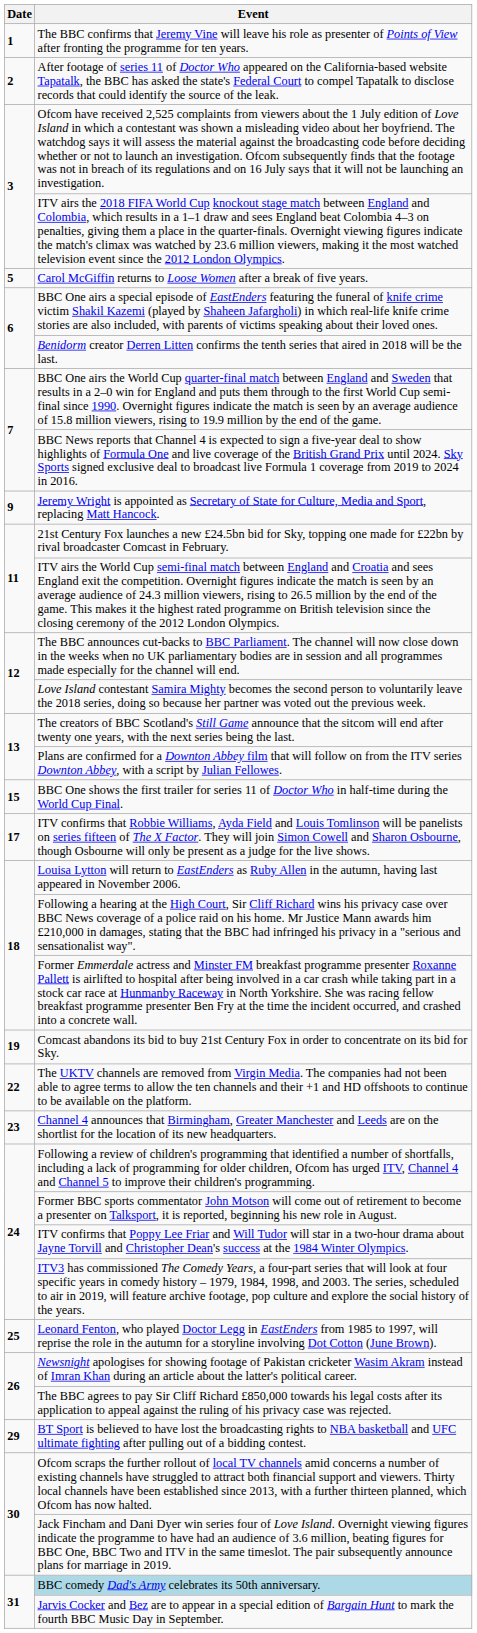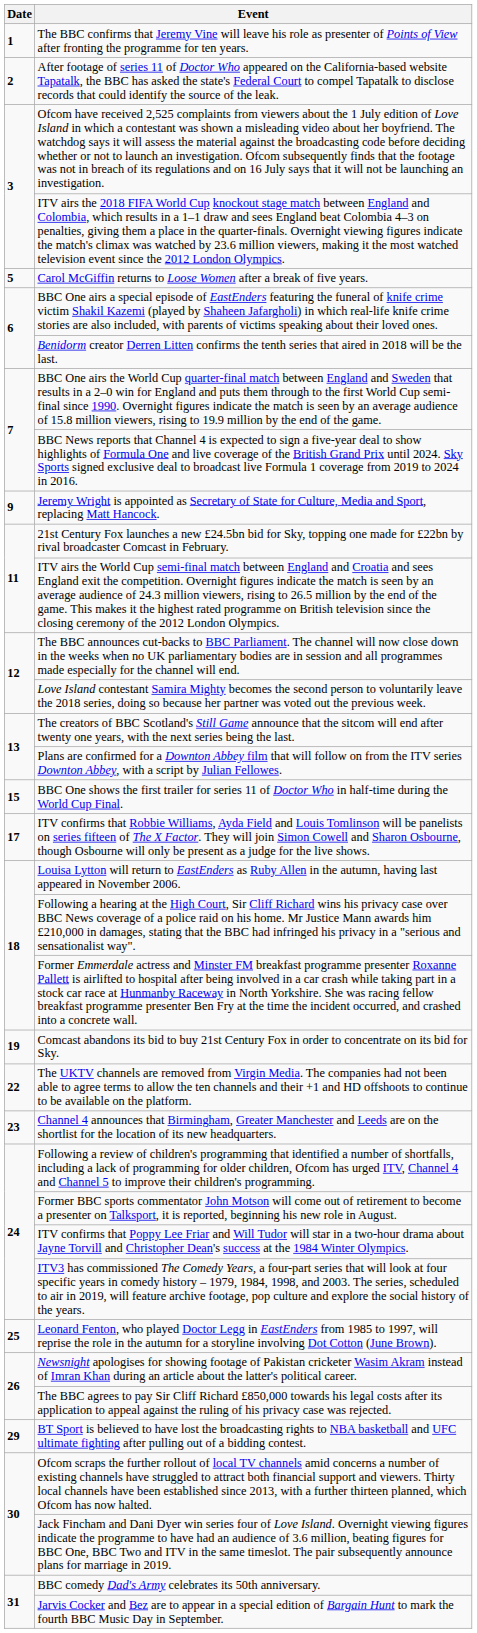 <table class="wikitable">
 <tr>
 <th>Date</th>
 <th>Event</th>
 </tr>
 <tr>
 <td><strong>1</strong></td>
 <td>The BBC confirms that <a href='#'>Jeremy Vine</a> will leave his role as presenter of <em><a href='#'>Points of View</a></em> after fronting the programme for ten years.</td>
 </tr>
 <tr>
 <td><strong>2</strong></td>
 <td>After footage of <a href='#'>series 11</a> of <em><a href='#'>Doctor Who</a></em> appeared on the California-based website <a href='#'>Tapatalk</a>, the BBC has asked the state's <a href='#'>Federal Court</a> to compel Tapatalk to disclose records that could identify the source of the leak.</td>
 </tr>
 <tr>
 <td rowspan=2><strong>3</strong></td>
 <td>Ofcom have received 2,525 complaints from viewers about the 1 July edition of <em>Love Island</em> in which a contestant was shown a misleading video about her boyfriend. The watchdog says it will assess the material against the broadcasting code before deciding whether or not to launch an investigation. Ofcom subsequently finds that the footage was not in breach of its regulations and on 16 July says that it will not be launching an investigation.</td>
 </tr>
 <tr>
 <td>ITV airs the <a href='#'>2018 FIFA World Cup</a> <a href='#'>knockout stage match</a> between <a href='#'>England</a> and <a href='#'>Colombia</a>, which results in a 1–1 draw and sees England beat Colombia 4–3 on penalties, giving them a place in the quarter-finals. Overnight viewing figures indicate the match's climax was watched by 23.6 million viewers, making it the most watched television event since the <a href='#'>2012 London Olympics</a>.</td>
 </tr>
 <tr>
 <td><strong>5</strong></td>
 <td><a href='#'>Carol McGiffin</a> returns to <em><a href='#'>Loose Women</a></em> after a break of five years.</td>
 </tr>
 <tr>
 <td rowspan=2><strong>6</strong></td>
 <td>BBC One airs a special episode of <em><a href='#'>EastEnders</a></em> featuring the funeral of <a href='#'>knife crime</a> victim <a href='#'>Shakil Kazemi</a> (played by <a href='#'>Shaheen Jafargholi</a>) in which real-life knife crime stories are also included, with parents of victims speaking about their loved ones.</td>
 </tr>
 <tr>
 <td><em><a href='#'>Benidorm</a></em> creator <a href='#'>Derren Litten</a> confirms the tenth series that aired in 2018 will be the last.</td>
 </tr>
 <tr>
 <td rowspan=2><strong>7</strong></td>
 <td>BBC One airs the World Cup <a href='#'>quarter-final match</a> between <a href='#'>England</a> and <a href='#'>Sweden</a> that results in a 2–0 win for England and puts them through to the first World Cup semi-final since <a href='#'>1990</a>. Overnight figures indicate the match is seen by an average audience of 15.8 million viewers, rising to 19.9 million by the end of the game.</td>
 </tr>
 <tr>
 <td>BBC News reports that Channel 4 is expected to sign a five-year deal to show highlights of <a href='#'>Formula One</a> and live coverage of the <a href='#'>British Grand Prix</a> until 2024. <a href='#'>Sky Sports</a> signed exclusive deal to broadcast live Formula 1 coverage from 2019 to 2024 in 2016.</td>
 </tr>
 <tr>
 <td><strong>9</strong></td>
 <td><a href='#'>Jeremy Wright</a> is appointed as <a href='#'>Secretary of State for Culture, Media and Sport</a>, replacing <a href='#'>Matt Hancock</a>.</td>
 </tr>
 <tr>
 <td rowspan=2><strong>11</strong></td>
 <td>21st Century Fox launches a new £24.5bn bid for Sky, topping one made for £22bn by rival broadcaster Comcast in February.</td>
 </tr>
 <tr>
 <td>ITV airs the World Cup <a href='#'>semi-final match</a> between <a href='#'>England</a> and <a href='#'>Croatia</a> and sees England exit the competition. Overnight figures indicate the match is seen by an average audience of 24.3 million viewers, rising to 26.5 million by the end of the game. This makes it the highest rated programme on British television since the closing ceremony of the 2012 London Olympics.</td>
 </tr>
 <tr>
 <td rowspan=2><strong>12</strong></td>
 <td>The BBC announces cut-backs to <a href='#'>BBC Parliament</a>. The channel will now close down in the weeks when no UK parliamentary bodies are in session and all programmes made especially for the channel will end.</td>
 </tr>
 <tr>
 <td><em>Love Island</em> contestant <a href='#'>Samira Mighty</a> becomes the second person to voluntarily leave the 2018 series, doing so because her partner was voted out the previous week.</td>
 </tr>
 <tr>
 <td rowspan=2><strong>13</strong></td>
 <td>The creators of BBC Scotland's <em><a href='#'>Still Game</a></em> announce that the sitcom will end after twenty one years, with the next series being the last.</td>
 </tr>
 <tr>
 <td>Plans are confirmed for a <a href='#'><em>Downton Abbey</em> film</a> that will follow on from the ITV series <em><a href='#'>Downton Abbey</a></em>, with a script by <a href='#'>Julian Fellowes</a>.</td>
 </tr>
 <tr>
 <td><strong>15</strong></td>
 <td>BBC One shows the first trailer for series 11 of <em><a href='#'>Doctor Who</a></em> in half-time during the <a href='#'>World Cup Final</a>.</td>
 </tr>
 <tr>
 <td><strong>17</strong></td>
 <td>ITV confirms that <a href='#'>Robbie Williams</a>, <a href='#'>Ayda Field</a> and <a href='#'>Louis Tomlinson</a> will be panelists on <a href='#'>series fifteen</a> of <em><a href='#'>The X Factor</a></em>. They will join <a href='#'>Simon Cowell</a> and <a href='#'>Sharon Osbourne</a>, though Osbourne will only be present as a judge for the live shows.</td>
 </tr>
 <tr>
 <td rowspan=3><strong>18</strong></td>
 <td><a href='#'>Louisa Lytton</a> will return to <em><a href='#'>EastEnders</a></em> as <a href='#'>Ruby Allen</a> in the autumn, having last appeared in November 2006.</td>
 </tr>
 <tr>
 <td>Following a hearing at the <a href='#'>High Court</a>, Sir <a href='#'>Cliff Richard</a> wins his privacy case over BBC News coverage of a police raid on his home. Mr Justice Mann awards him £210,000 in damages, stating that the BBC had infringed his privacy in a "serious and sensationalist way".</td>
 </tr>
 <tr>
 <td>Former <em>Emmerdale</em> actress and <a href='#'>Minster FM</a> breakfast programme presenter <a href='#'>Roxanne Pallett</a> is airlifted to hospital after being involved in a car crash while taking part in a stock car race at <a href='#'>Hunmanby Raceway</a> in North Yorkshire. She was racing fellow breakfast programme presenter Ben Fry at the time the incident occurred, and crashed into a concrete wall.</td>
 </tr>
 <tr>
 <td><strong>19</strong></td>
 <td>Comcast abandons its bid to buy 21st Century Fox in order to concentrate on its bid for Sky.</td>
 </tr>
 <tr>
 <td><strong>22</strong></td>
 <td>The <a href='#'>UKTV</a> channels are removed from <a href='#'>Virgin Media</a>. The companies had not been able to agree terms to allow the ten channels and their +1 and HD offshoots to continue to be available on the platform.</td>
 </tr>
 <tr>
 <td><strong>23</strong></td>
 <td><a href='#'>Channel 4</a> announces that <a href='#'>Birmingham</a>, <a href='#'>Greater Manchester</a> and <a href='#'>Leeds</a> are on the shortlist for the location of its new headquarters.</td>
 </tr>
 <tr>
 <td rowspan=4><strong>24</strong></td>
 <td>Following a review of children's programming that identified a number of shortfalls, including a lack of programming for older children, Ofcom has urged <a href='#'>ITV</a>, <a href='#'>Channel 4</a> and <a href='#'>Channel 5</a> to improve their children's programming.</td>
 </tr>
 <tr>
 <td>Former BBC sports commentator <a href='#'>John Motson</a> will come out of retirement to become a presenter on <a href='#'>Talksport</a>, it is reported, beginning his new role in August.</td>
 </tr>
 <tr>
 <td>ITV confirms that <a href='#'>Poppy Lee Friar</a> and <a href='#'>Will Tudor</a> will star in a two-hour drama about <a href='#'>Jayne Torvill</a> and <a href='#'>Christopher Dean</a>'s <a href='#'>success</a> at the <a href='#'>1984 Winter Olympics</a>.</td>
 </tr>
 <tr>
 <td><a href='#'>ITV3</a> has commissioned <em>The Comedy Years</em>, a four-part series that will look at four specific years in comedy history – 1979, 1984, 1998, and 2003. The series, scheduled to air in 2019, will feature archive footage, pop culture and explore the social history of the years.</td>
 </tr>
 <tr>
 <td><strong>25</strong></td>
 <td><a href='#'>Leonard Fenton</a>, who played <a href='#'>Doctor Legg</a> in <em><a href='#'>EastEnders</a></em> from 1985 to 1997, will reprise the role in the autumn for a storyline involving <a href='#'>Dot Cotton</a> (<a href='#'>June Brown</a>).</td>
 </tr>
 <tr>
 <td rowspan=2><strong>26</strong></td>
 <td><em><a href='#'>Newsnight</a></em> apologises for showing footage of Pakistan cricketer <a href='#'>Wasim Akram</a> instead of <a href='#'>Imran Khan</a> during an article about the latter's political career.</td>
 </tr>
 <tr>
 <td>The BBC agrees to pay Sir Cliff Richard £850,000 towards his legal costs after its application to appeal against the ruling of his privacy case was rejected.</td>
 </tr>
 <tr>
 <td><strong>29</strong></td>
 <td><a href='#'>BT Sport</a> is believed to have lost the broadcasting rights to <a href='#'>NBA basketball</a> and <a href='#'>UFC ultimate fighting</a> after pulling out of a bidding contest.</td>
 </tr>
 <tr>
 <td rowspan=2><strong>30</strong></td>
 <td>Ofcom scraps the further rollout of <a href='#'>local TV channels</a> amid concerns a number of existing channels have struggled to attract both financial support and viewers. Thirty local channels have been established since 2013, with a further thirteen planned, which Ofcom has now halted.</td>
 </tr>
 <tr>
 <td>Jack Fincham and Dani Dyer win series four of <em>Love Island</em>. Overnight viewing figures indicate the programme to have had an audience of 3.6 million, beating figures for BBC One, BBC Two and ITV in the same timeslot. The pair subsequently announce plans for marriage in 2019.</td>
 </tr>
 <tr>
 <td rowspan=2><strong>31</strong></td>
-<td style="background: lightblue;">BBC comedy <em><a href='#'>Dad's Army</a></em> celebrates its 50th anniversary.</td>
+<td>BBC comedy <em><a href='#'>Dad's Army</a></em> celebrates its 50th anniversary.</td>
 </tr>
 <tr>
 <td><a href='#'>Jarvis Cocker</a> and <a href='#'>Bez</a> are to appear in a special edition of <em><a href='#'>Bargain Hunt</a></em> to mark the fourth BBC Music Day in September.</td>
 </tr>
 </table>
